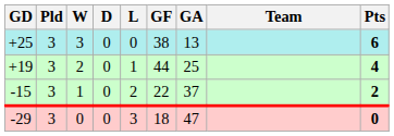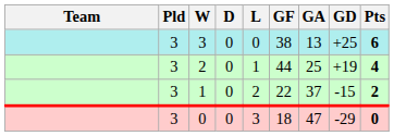 <table class="wikitable" style="text-align:center;">
 <tr>
-<th width=20>GD</th>
+<th width=150>Team</th>
 <th width=20>Pld</th>
 <th width=20>W</th>
 <th width=20>D</th>
 <th width=20>L</th>
 <th width=20>GF</th>
 <th width=20>GA</th>
-<th width=150>Team</th>
+<th width=20>GD</th>
 <th width=20>Pts</th>
 </tr>
 <tr bgcolor="#afeeee">
-<td>+25</td>
+<td align="left"></td>
 <td>3</td>
 <td>3</td>
 <td>0</td>
 <td>0</td>
 <td>38</td>
 <td>13</td>
-<td align="left"></td>
+<td>+25</td>
 <td><strong>6</strong></td>
 </tr>
 <tr bgcolor="#ccffcc">
-<td>+19</td>
+<td align="left"></td>
 <td>3</td>
 <td>2</td>
 <td>0</td>
 <td>1</td>
 <td>44</td>
 <td>25</td>
-<td align="left"></td>
+<td>+19</td>
 <td><strong>4</strong></td>
 </tr>
 <tr bgcolor="#ccffcc" style ="border-bottom:3px solid red;">
-<td>-15</td>
+<td align="left"></td>
 <td>3</td>
 <td>1</td>
 <td>0</td>
 <td>2</td>
 <td>22</td>
 <td>37</td>
-<td align="left"></td>
+<td>-15</td>
 <td><strong>2</strong></td>
 </tr>
 <tr bgcolor="#ffcccc">
-<td>-29</td>
+<td align="left"></td>
 <td>3</td>
 <td>0</td>
 <td>0</td>
 <td>3</td>
 <td>18</td>
 <td>47</td>
-<td align="left"></td>
+<td>-29</td>
 <td><strong>0</strong></td>
 </tr>
 </table>
